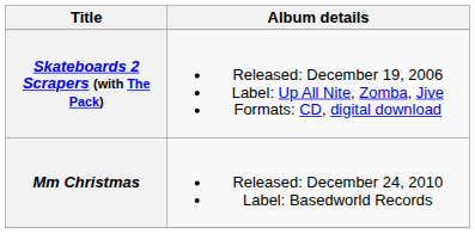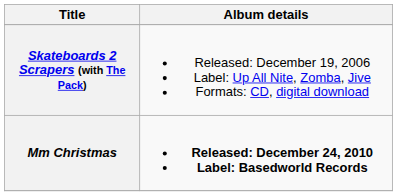 <table class="wikitable plainrowheaders" style="text-align:center;">
 <tr>
 <th scope="col" style="width:10em;">Title</th>
 <th scope="col" style="width:19em;">Album details</th>
 </tr>
 <tr>
 </tr>
 <tr>
 <th scope="row"><em><a href='#'>Skateboards 2 Scrapers</a></em> <small>(with <a href='#'>The Pack</a>)</small></th>
 <td><br><ul><li>Released: December 19, 2006</li><li>Label: <a href='#'>Up All Nite</a>, <a href='#'>Zomba</a>, <a href='#'>Jive</a></li><li>Formats: <a href='#'>CD</a>, <a href='#'>digital download</a></li></ul></td>
 </tr>
 <tr>
 <th scope ="row"><em>Mm Christmas</em></th>
-<td><br><ul><li>Released: December 24, 2010</li><li>Label: Basedworld Records</li></ul></td>
+<td><strong><br><ul><li>Released: December 24, 2010</li><li>Label: Basedworld Records</li></ul></strong></td>
 </tr>
 <tr>
 </tr>
 </table>
